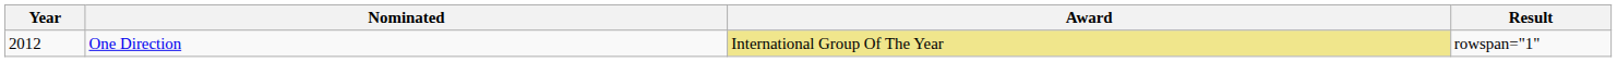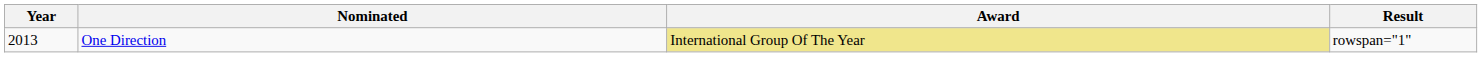 <table class="wikitable" style="width:100%;">
 <tr>
 <th width=5%>Year</th>
 <th style="width:40%;">Nominated</th>
 <th style="width:45%;">Award</th>
 <th style="width:10%;">Result</th>
 </tr>
 <tr>
-<td rowspan="1">2012</td>
+<td rowspan="1">2013</td>
 <td rowspan="1"><a href='#'>One Direction</a></td>
 <td style="background: khaki;">International Group Of The Year</td>
 <td>rowspan="1" </td>
 </tr>
 </table>
